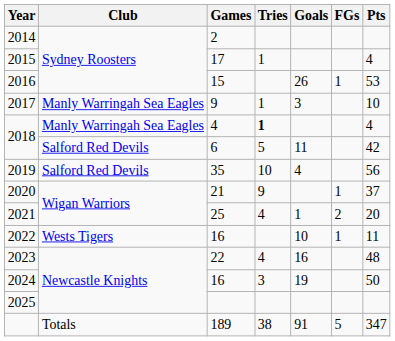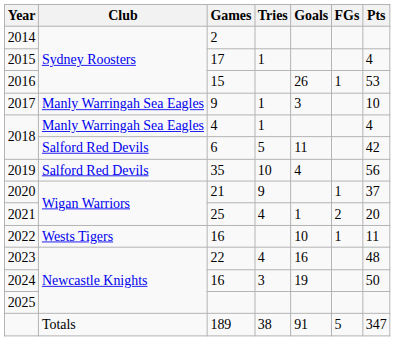 <table class="wikitable">
 <tr>
 <th>Year</th>
 <th>Club</th>
 <th>Games</th>
 <th>Tries</th>
 <th>Goals</th>
 <th>FGs</th>
 <th>Pts</th>
 </tr>
 <tr>
 <td>2014</td>
 <td rowspan="3"> <a href='#'>Sydney Roosters</a></td>
 <td>2</td>
 <td></td>
 <td></td>
 <td></td>
 <td></td>
 </tr>
 <tr>
 <td>2015</td>
 <td>17</td>
 <td>1</td>
 <td></td>
 <td></td>
 <td>4</td>
 </tr>
 <tr>
 <td>2016</td>
 <td>15</td>
 <td></td>
 <td>26</td>
 <td>1</td>
 <td>53</td>
 </tr>
 <tr>
 <td>2017</td>
 <td> <a href='#'>Manly Warringah Sea Eagles</a></td>
 <td>9</td>
 <td>1</td>
 <td>3</td>
 <td></td>
 <td>10</td>
 </tr>
 <tr>
 <td rowspan="2">2018</td>
 <td> <a href='#'>Manly Warringah Sea Eagles</a></td>
 <td>4</td>
-<td><strong>1</strong></td>
+<td>1</td>
 <td></td>
 <td></td>
 <td>4</td>
 </tr>
 <tr>
 <td> <a href='#'>Salford Red Devils</a></td>
 <td>6</td>
 <td>5</td>
 <td>11</td>
 <td></td>
 <td>42</td>
 </tr>
 <tr>
 <td>2019</td>
 <td> <a href='#'>Salford Red Devils</a></td>
 <td>35</td>
 <td>10</td>
 <td>4</td>
 <td></td>
 <td>56</td>
 </tr>
 <tr>
 <td>2020</td>
 <td rowspan="2"> <a href='#'>Wigan Warriors</a></td>
 <td>21</td>
 <td>9</td>
 <td></td>
 <td>1</td>
 <td>37</td>
 </tr>
 <tr>
 <td>2021</td>
 <td>25</td>
 <td>4</td>
 <td>1</td>
 <td>2</td>
 <td>20</td>
 </tr>
 <tr>
 <td>2022</td>
 <td> <a href='#'>Wests Tigers</a></td>
 <td>16</td>
 <td></td>
 <td>10</td>
 <td>1</td>
 <td>11</td>
 </tr>
 <tr>
 <td>2023</td>
 <td rowspan="3"> <a href='#'>Newcastle Knights</a></td>
 <td>22</td>
 <td>4</td>
 <td>16</td>
 <td></td>
 <td>48</td>
 </tr>
 <tr>
 <td>2024</td>
 <td>16</td>
 <td>3</td>
 <td>19</td>
 <td></td>
 <td>50</td>
 </tr>
 <tr>
 <td>2025</td>
 <td></td>
 <td></td>
 <td></td>
 <td></td>
 <td></td>
 </tr>
 <tr>
 <td></td>
 <td>Totals</td>
 <td>189</td>
 <td>38</td>
 <td>91</td>
 <td>5</td>
 <td>347</td>
 </tr>
 </table>
